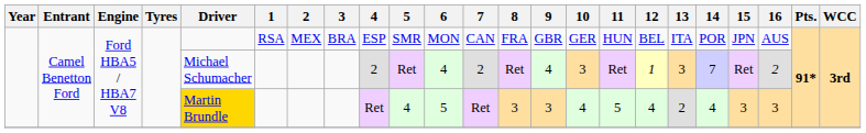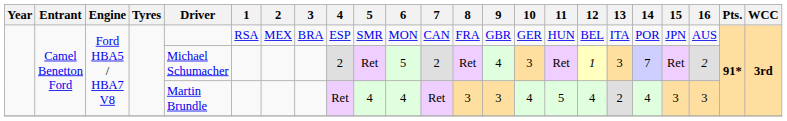 <table class="wikitable" style="text-align:center; font-size:95%">
 <tr>
 <th>Year</th>
 <th>Entrant</th>
 <th>Engine</th>
 <th>Tyres</th>
 <th>Driver</th>
 <th>1</th>
 <th>2</th>
 <th>3</th>
 <th>4</th>
 <th>5</th>
 <th>6</th>
 <th>7</th>
 <th>8</th>
 <th>9</th>
 <th>10</th>
 <th>11</th>
 <th>12</th>
 <th>13</th>
 <th>14</th>
 <th>15</th>
 <th>16</th>
 <th>Pts.</th>
 <th>WCC</th>
 </tr>
 <tr>
 <td rowspan="3"></td>
 <td rowspan="3"><a href='#'>Camel</a> <a href='#'>Benetton</a> <a href='#'>Ford</a></td>
 <td rowspan="3"><a href='#'>Ford</a> <a href='#'>HBA5</a> / <a href='#'>HBA7</a><br><a href='#'>V8</a></td>
 <td rowspan="3"></td>
 <td></td>
 <td><a href='#'>RSA</a></td>
 <td><a href='#'>MEX</a></td>
 <td><a href='#'>BRA</a></td>
 <td><a href='#'>ESP</a></td>
 <td><a href='#'>SMR</a></td>
 <td><a href='#'>MON</a></td>
 <td><a href='#'>CAN</a></td>
 <td><a href='#'>FRA</a></td>
 <td><a href='#'>GBR</a></td>
 <td><a href='#'>GER</a></td>
 <td><a href='#'>HUN</a></td>
 <td><a href='#'>BEL</a></td>
 <td><a href='#'>ITA</a></td>
 <td><a href='#'>POR</a></td>
 <td><a href='#'>JPN</a></td>
 <td><a href='#'>AUS</a></td>
 <td rowspan="3" style="background:#ffdf9f;"><strong>91*</strong></td>
 <td rowspan="3" style="background:#ffdf9f;"><strong>3rd</strong></td>
 </tr>
 <tr>
 <td align="left"><a href='#'>Michael Schumacher</a></td>
 <td></td>
 <td></td>
 <td></td>
 <td style="background:#dfdfdf;">2</td>
 <td style="background:#efcfff;">Ret</td>
-<td style="background:#dfffdf;">4</td>
+<td style="background:#dfffdf;">5</td>
 <td style="background:#dfdfdf;">2</td>
 <td style="background:#efcfff;">Ret</td>
 <td style="background:#dfffdf;">4</td>
 <td style="background:#ffdf9f;">3</td>
 <td style="background:#efcfff;">Ret</td>
 <td style="background:#ffffbf;"><em>1</em></td>
 <td style="background:#ffdf9f;">3</td>
 <td style="background:#cfcfff;">7</td>
 <td style="background:#efcfff;">Ret</td>
 <td style="background:#dfdfdf;"><em>2</em></td>
 </tr>
 <tr>
-<td align="left" style="background: gold;"><a href='#'>Martin Brundle</a></td>
+<td align="left"><a href='#'>Martin Brundle</a></td>
 <td></td>
 <td></td>
 <td></td>
 <td style="background:#efcfff;">Ret</td>
 <td style="background:#dfffdf;">4</td>
-<td style="background:#dfffdf;">5</td>
+<td style="background:#dfffdf;">4</td>
 <td style="background:#efcfff;">Ret</td>
 <td style="background:#ffdf9f;">3</td>
 <td style="background:#ffdf9f;">3</td>
 <td style="background:#dfffdf;">4</td>
 <td style="background:#dfffdf;">5</td>
 <td style="background:#dfffdf;">4</td>
 <td style="background:#dfdfdf;">2</td>
 <td style="background:#dfffdf;">4</td>
 <td style="background:#ffdf9f;">3</td>
 <td style="background:#ffdf9f;">3</td>
 </tr>
 <tr>
 </tr>
 </table>
